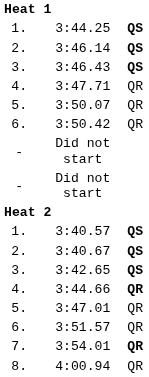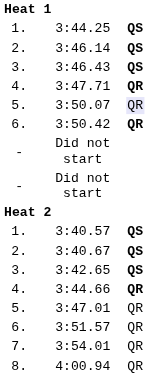 <table style="text-align:center">
 <tr>
 <td colspan=4 align=left><strong>Heat 1</strong></td>
 </tr>
 <tr>
 <td width=30>1.</td>
 <td align=left></td>
 <td width=80>3:44.25</td>
 <td><strong>QS</strong></td>
 </tr>
 <tr>
 <td>2.</td>
 <td align=left></td>
 <td>3:46.14</td>
 <td><strong>QS</strong></td>
 </tr>
 <tr>
 <td>3.</td>
 <td align=left></td>
 <td>3:46.43</td>
 <td><strong>QS</strong></td>
 </tr>
 <tr>
 <td>4.</td>
 <td align=left></td>
 <td>3:47.71</td>
-<td>QR</td>
+<td><strong>QR</strong></td>
 </tr>
 <tr>
 <td>5.</td>
 <td align=left></td>
 <td>3:50.07</td>
-<td>QR</td>
+<td style="background: lavender;">QR</td>
 </tr>
 <tr>
 <td>6.</td>
 <td align=left></td>
 <td>3:50.42</td>
-<td>QR</td>
+<td><strong>QR</strong></td>
 </tr>
 <tr>
 <td>-</td>
 <td align=left></td>
 <td>Did not start</td>
 <td></td>
 </tr>
 <tr>
 <td>-</td>
 <td align=left></td>
 <td>Did not start</td>
 <td></td>
 </tr>
 <tr>
 <td colspan=4 align=left><strong>Heat 2</strong></td>
 </tr>
 <tr>
 <td>1.</td>
 <td align=left></td>
 <td>3:40.57</td>
 <td><strong>QS</strong></td>
 </tr>
 <tr>
 <td>2.</td>
 <td align=left></td>
 <td>3:40.67</td>
 <td><strong>QS</strong></td>
 </tr>
 <tr>
 <td>3.</td>
 <td align=left></td>
 <td>3:42.65</td>
 <td><strong>QS</strong></td>
 </tr>
 <tr>
 <td>4.</td>
 <td align=left></td>
 <td>3:44.66</td>
 <td><strong>QR</strong></td>
 </tr>
 <tr>
 <td>5.</td>
 <td align=left></td>
 <td>3:47.01</td>
 <td>QR</td>
 </tr>
 <tr>
 <td>6.</td>
 <td align=left></td>
 <td>3:51.57</td>
 <td>QR</td>
 </tr>
 <tr>
 <td>7.</td>
 <td align=left></td>
 <td>3:54.01</td>
-<td><strong>QR</strong></td>
+<td>QR</td>
 </tr>
 <tr>
 <td>8.</td>
 <td align=left></td>
 <td>4:00.94</td>
 <td>QR</td>
 </tr>
 </table>
